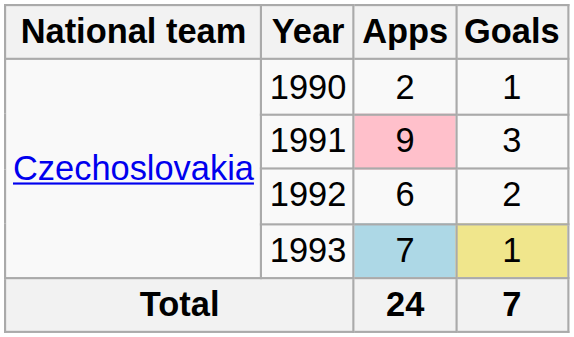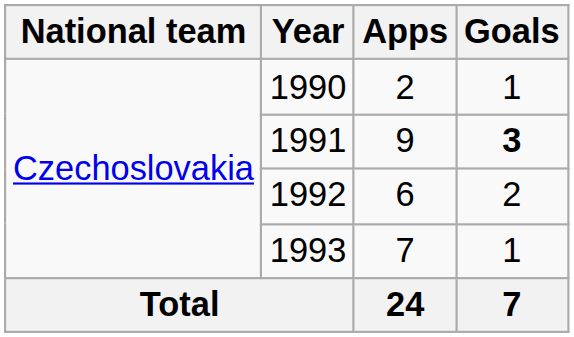 <table class="wikitable" style="text-align:center">
 <tr>
 <th>National team</th>
 <th>Year</th>
 <th>Apps</th>
 <th>Goals</th>
 </tr>
 <tr>
 <td rowspan="4"><a href='#'>Czechoslovakia</a></td>
 <td>1990</td>
 <td>2</td>
 <td>1</td>
 </tr>
 <tr>
 <td>1991</td>
-<td style="background: pink;">9</td>
-<td>3</td>
+<td>9</td>
+<td><strong>3</strong></td>
 </tr>
 <tr>
 <td>1992</td>
 <td>6</td>
 <td>2</td>
 </tr>
 <tr>
 <td>1993</td>
-<td style="background: lightblue;">7</td>
-<td style="background: khaki;">1</td>
+<td>7</td>
+<td>1</td>
 </tr>
 <tr>
 <th colspan="2">Total</th>
 <th>24</th>
 <th>7</th>
 </tr>
 </table>
